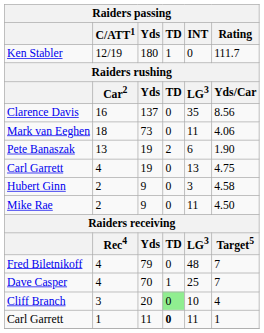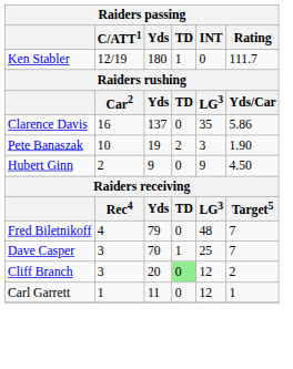 <table class="wikitable">
 <tr>
 <th colspan="6">Raiders passing</th>
 </tr>
 <tr>
 <th></th>
 <th>C/ATT<sup>1</sup></th>
 <th>Yds</th>
 <th>TD</th>
 <th>INT</th>
 <th>Rating</th>
 </tr>
 <tr>
 <td><a href='#'>Ken Stabler</a></td>
 <td>12/19</td>
 <td>180</td>
 <td>1</td>
 <td>0</td>
 <td>111.7</td>
 </tr>
 <tr>
 <th colspan="6">Raiders rushing</th>
 </tr>
 <tr>
 <th></th>
 <th>Car<sup>2</sup></th>
 <th>Yds</th>
 <th>TD</th>
 <th>LG<sup>3</sup></th>
 <th>Yds/Car</th>
 </tr>
 <tr>
 <td><a href='#'>Clarence Davis</a></td>
 <td>16</td>
 <td>137</td>
 <td>0</td>
 <td>35</td>
-<td>8.56</td>
-</tr>
-<tr>
-<td><a href='#'>Mark van Eeghen</a></td>
-<td>18</td>
-<td>73</td>
-<td>0</td>
-<td>11</td>
-<td>4.06</td>
+<td>5.86</td>
 </tr>
 <tr>
 <td><a href='#'>Pete Banaszak</a></td>
-<td>13</td>
+<td>10</td>
 <td>19</td>
 <td>2</td>
-<td>6</td>
+<td>3</td>
 <td>1.90</td>
-</tr>
-<tr>
-<td><a href='#'>Carl Garrett</a></td>
-<td>4</td>
-<td>19</td>
-<td>0</td>
-<td>13</td>
-<td>4.75</td>
 </tr>
 <tr>
 <td><a href='#'>Hubert Ginn</a></td>
 <td>2</td>
 <td>9</td>
 <td>0</td>
-<td>3</td>
-<td>4.58</td>
-</tr>
-<tr>
-<td><a href='#'>Mike Rae</a></td>
-<td>2</td>
 <td>9</td>
-<td>0</td>
-<td>11</td>
 <td>4.50</td>
 </tr>
 <tr>
 <th colspan="6">Raiders receiving</th>
 </tr>
 <tr>
 <th></th>
 <th>Rec<sup>4</sup></th>
 <th>Yds</th>
 <th>TD</th>
 <th>LG<sup>3</sup></th>
 <th>Target<sup>5</sup></th>
 </tr>
 <tr>
 <td><a href='#'>Fred Biletnikoff</a></td>
 <td>4</td>
 <td>79</td>
 <td>0</td>
 <td>48</td>
 <td>7</td>
 </tr>
 <tr>
 <td><a href='#'>Dave Casper</a></td>
-<td>4</td>
+<td>3</td>
 <td>70</td>
 <td>1</td>
 <td>25</td>
 <td>7</td>
 </tr>
 <tr>
 <td><a href='#'>Cliff Branch</a></td>
 <td>3</td>
 <td>20</td>
 <td style="background: lightgreen;">0</td>
-<td>10</td>
-<td>4</td>
+<td>12</td>
+<td>2</td>
 </tr>
 <tr>
 <td>Carl Garrett</td>
 <td>1</td>
 <td>11</td>
-<td><strong>0</strong></td>
-<td>11</td>
+<td>0</td>
+<td>12</td>
 <td>1</td>
 </tr>
 <tr>
 </tr>
 </table>
